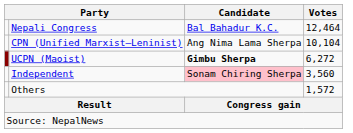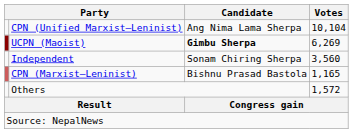 <table class="wikitable">
 <tr>
 <th colspan="2">Party</th>
 <th>Candidate</th>
 <th>Votes</th>
-</tr>
-<tr>
-<td style="background-color:"></td>
-<td><a href='#'>Nepali Congress</a></td>
-<td><a href='#'>Bal Bahadur K.C.</a></td>
-<td>12,464</td>
 </tr>
 <tr>
 <td style="background-color:"></td>
 <td><a href='#'>CPN (Unified Marxist–Leninist)</a></td>
 <td>Ang Nima Lama Sherpa</td>
 <td>10,104</td>
 </tr>
 <tr>
 <td style="background-color:darkred"></td>
 <td><a href='#'>UCPN (Maoist)</a></td>
 <td><strong>Gimbu Sherpa</strong></td>
-<td>6,272</td>
+<td>6,269</td>
 </tr>
 <tr>
 <td style="background-color:"></td>
 <td><a href='#'>Independent</a></td>
-<td style="background: pink;">Sonam Chiring Sherpa</td>
+<td>Sonam Chiring Sherpa</td>
 <td>3,560</td>
+</tr>
+<tr>
+<td style="background-color:indianred"></td>
+<td><a href='#'>CPN (Marxist–Leninist)</a></td>
+<td>Bishnu Prasad Bastola</td>
+<td>1,165</td>
 </tr>
 <tr>
 <td></td>
 <td colspan="2">Others</td>
 <td>1,572</td>
 </tr>
 <tr>
 <th colspan="2">Result</th>
 <th colspan="2">Congress gain</th>
 </tr>
 <tr>
 <td colspan="4">Source: NepalNews</td>
 </tr>
 </table>
